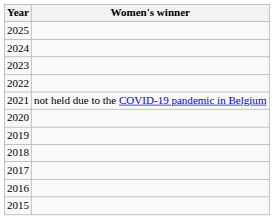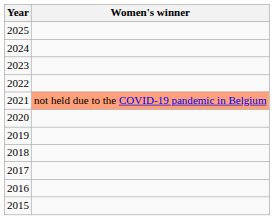 <table class="wikitable">
 <tr>
 <th>Year</th>
 <th>Women's winner</th>
 </tr>
 <tr>
 <td>2025</td>
 <td></td>
 </tr>
 <tr>
 <td>2024</td>
 <td></td>
 </tr>
 <tr>
 <td>2023</td>
 <td></td>
 </tr>
 <tr>
 <td>2022</td>
 <td></td>
 </tr>
 <tr>
 <td>2021</td>
-<td>not held due to the <a href='#'>COVID-19 pandemic in Belgium</a></td>
+<td style="background: lightsalmon;">not held due to the <a href='#'>COVID-19 pandemic in Belgium</a></td>
 </tr>
 <tr>
 <td>2020</td>
 <td></td>
 </tr>
 <tr>
 <td>2019</td>
 <td><s></s></td>
 </tr>
 <tr>
 <td>2018</td>
 <td></td>
 </tr>
 <tr>
 <td>2017</td>
 <td></td>
 </tr>
 <tr>
 <td>2016</td>
 <td></td>
 </tr>
 <tr>
 <td>2015</td>
 <td></td>
 </tr>
 </table>
